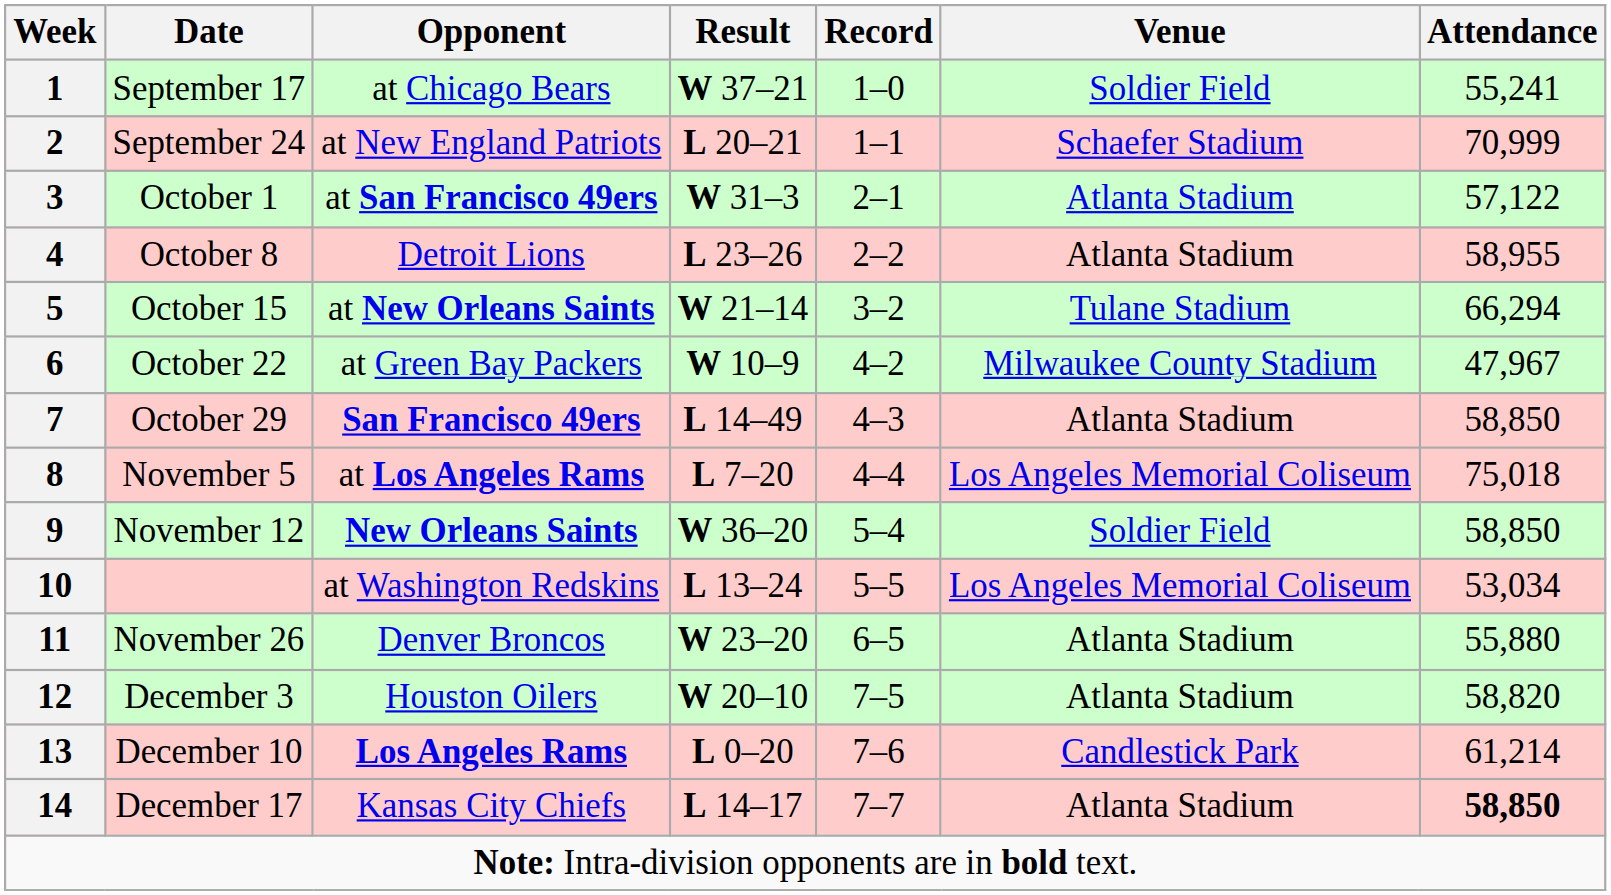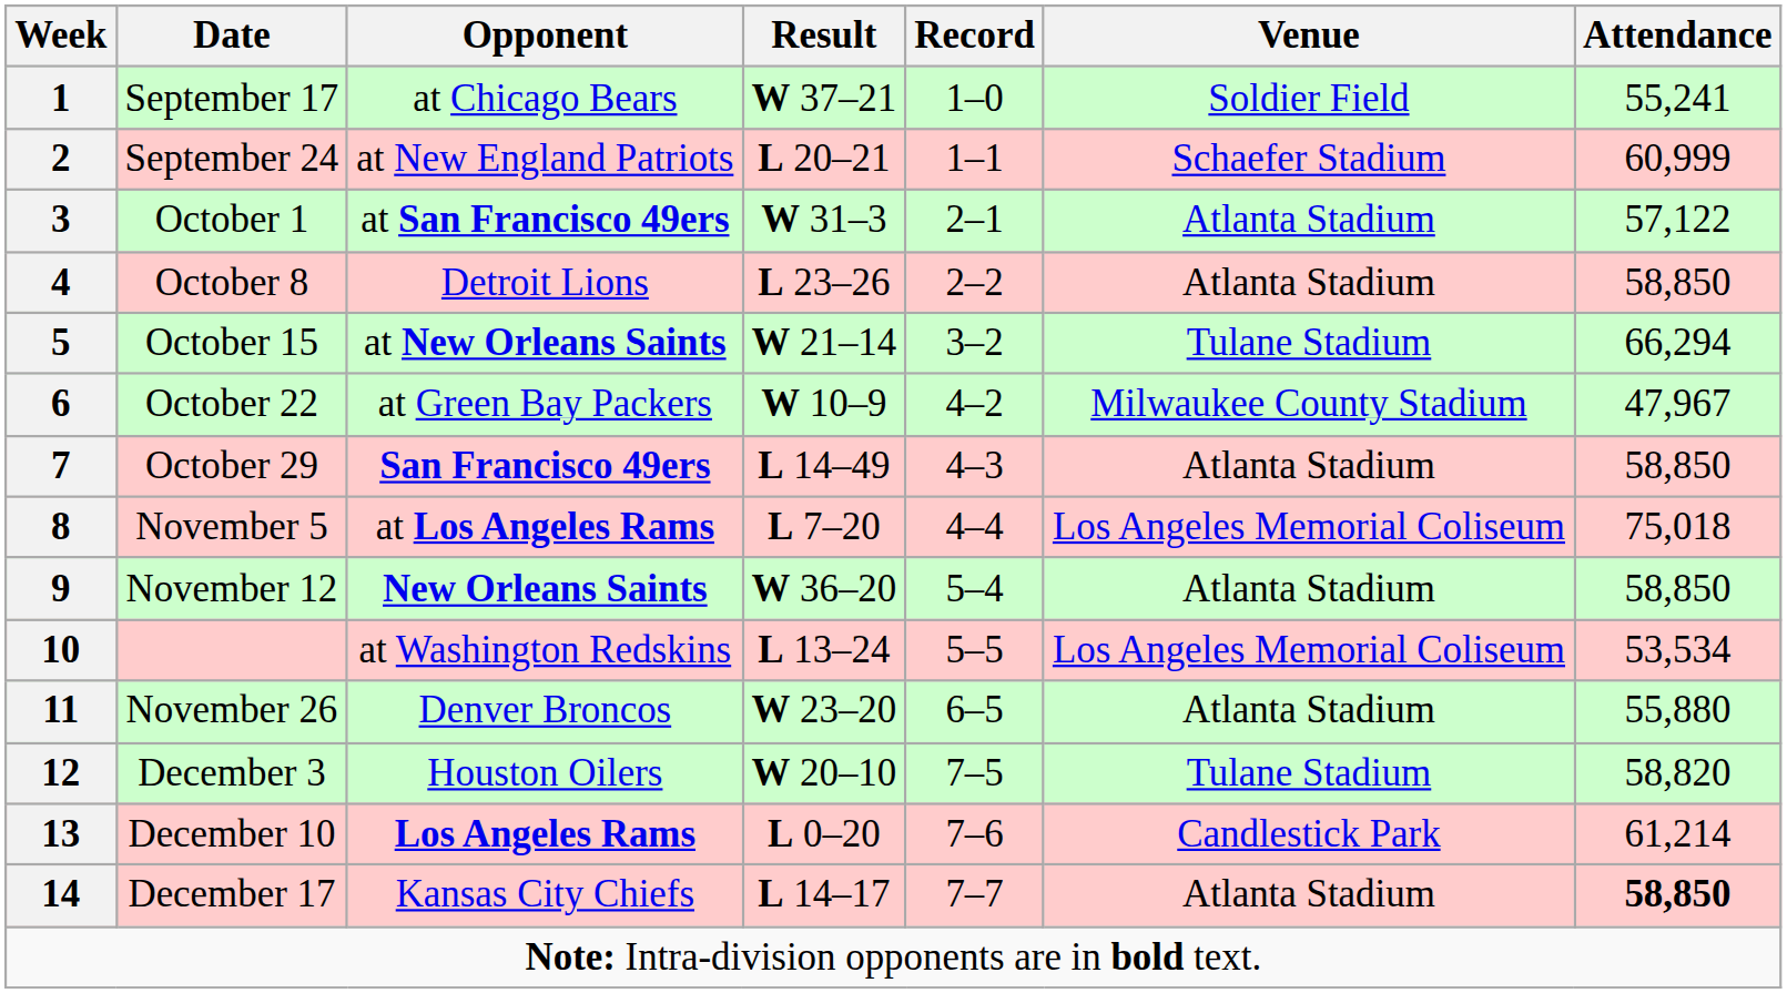 <table class="wikitable" style="text-align:center">
 <tr>
 <th>Week</th>
 <th>Date</th>
 <th>Opponent</th>
 <th>Result</th>
 <th>Record</th>
 <th>Venue</th>
 <th>Attendance</th>
 </tr>
 <tr style="background:#cfc">
 <th>1</th>
 <td>September 17</td>
 <td>at <a href='#'>Chicago Bears</a></td>
 <td><strong>W</strong> 37–21</td>
 <td>1–0</td>
 <td><a href='#'>Soldier Field</a></td>
 <td>55,241</td>
 </tr>
 <tr style="background:#fcc">
 <th>2</th>
 <td>September 24</td>
 <td>at <a href='#'>New England Patriots</a></td>
 <td><strong>L</strong> 20–21</td>
 <td>1–1</td>
 <td><a href='#'>Schaefer Stadium</a></td>
-<td>70,999</td>
+<td>60,999</td>
 </tr>
 <tr style="background:#cfc">
 <th>3</th>
 <td>October 1</td>
 <td>at <strong><a href='#'>San Francisco 49ers</a></strong></td>
 <td><strong>W</strong> 31–3</td>
 <td>2–1</td>
 <td><a href='#'>Atlanta Stadium</a></td>
 <td>57,122</td>
 </tr>
 <tr style="background:#fcc">
 <th>4</th>
 <td>October 8</td>
 <td><a href='#'>Detroit Lions</a></td>
 <td><strong>L</strong> 23–26</td>
 <td>2–2</td>
 <td>Atlanta Stadium</td>
-<td>58,955</td>
+<td>58,850</td>
 </tr>
 <tr style="background:#cfc">
 <th>5</th>
 <td>October 15</td>
 <td>at <strong><a href='#'>New Orleans Saints</a></strong></td>
 <td><strong>W</strong> 21–14</td>
 <td>3–2</td>
 <td><a href='#'>Tulane Stadium</a></td>
 <td>66,294</td>
 </tr>
 <tr style="background:#cfc">
 <th>6</th>
 <td>October 22</td>
 <td>at <a href='#'>Green Bay Packers</a></td>
 <td><strong>W</strong> 10–9</td>
 <td>4–2</td>
 <td><a href='#'>Milwaukee County Stadium</a></td>
 <td>47,967</td>
 </tr>
 <tr style="background:#fcc">
 <th>7</th>
 <td>October 29</td>
 <td><strong><a href='#'>San Francisco 49ers</a> </strong></td>
 <td><strong>L</strong> 14–49</td>
 <td>4–3</td>
 <td>Atlanta Stadium</td>
 <td>58,850</td>
 </tr>
 <tr style="background:#fcc">
 <th>8</th>
 <td>November 5</td>
 <td>at <strong><a href='#'>Los Angeles Rams</a></strong></td>
 <td><strong>L</strong> 7–20</td>
 <td>4–4</td>
 <td><a href='#'>Los Angeles Memorial Coliseum</a></td>
 <td>75,018</td>
 </tr>
 <tr style="background:#cfc">
 <th>9</th>
 <td>November 12</td>
 <td><strong><a href='#'>New Orleans Saints</a></strong></td>
 <td><strong>W</strong> 36–20</td>
 <td>5–4</td>
-<td><a href='#'>Soldier Field</a></td>
+<td>Atlanta Stadium</td>
 <td>58,850</td>
 </tr>
 <tr style="background:#fcc">
 <th>10</th>
 <td></td>
 <td>at <a href='#'>Washington Redskins</a></td>
 <td><strong>L</strong> 13–24</td>
 <td>5–5</td>
 <td><a href='#'>Los Angeles Memorial Coliseum</a></td>
-<td>53,034</td>
+<td>53,534</td>
 </tr>
 <tr style="background:#cfc">
 <th>11</th>
 <td>November 26</td>
 <td><a href='#'>Denver Broncos</a></td>
 <td><strong>W</strong> 23–20</td>
 <td>6–5</td>
 <td>Atlanta Stadium</td>
 <td>55,880</td>
 </tr>
 <tr style="background:#cfc">
 <th>12</th>
 <td>December 3</td>
 <td><a href='#'>Houston Oilers</a></td>
 <td><strong>W</strong> 20–10</td>
 <td>7–5</td>
-<td>Atlanta Stadium</td>
+<td><a href='#'>Tulane Stadium</a></td>
 <td>58,820</td>
 </tr>
 <tr style="background:#fcc">
 <th>13</th>
 <td>December 10</td>
 <td><strong><a href='#'>Los Angeles Rams</a></strong></td>
 <td><strong>L</strong> 0–20</td>
 <td>7–6</td>
 <td><a href='#'>Candlestick Park</a></td>
 <td>61,214</td>
 </tr>
 <tr style="background:#fcc">
 <th>14</th>
 <td>December 17</td>
 <td><a href='#'>Kansas City Chiefs</a></td>
 <td><strong>L</strong> 14–17</td>
 <td>7–7</td>
 <td>Atlanta Stadium</td>
 <td><strong>58,850</strong></td>
 </tr>
 <tr>
 <td colspan="7"><strong>Note:</strong> Intra-division opponents are in <strong>bold</strong> text.</td>
 </tr>
 </table>
